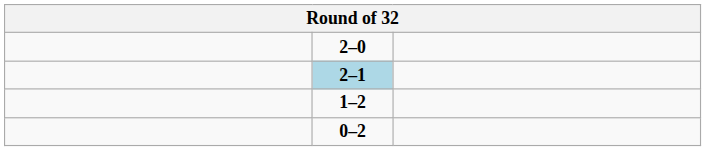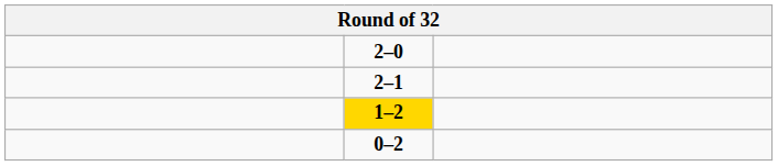 <table class="wikitable" style="text-align: center;">
 <tr>
 <th colspan=3>Round of 32</th>
 </tr>
 <tr>
 <td align=left width="270"><strong></strong></td>
 <td align=center width="65"><strong>2–0</strong></td>
 <td align=left width="270"></td>
 </tr>
 <tr>
 <td align=left><strong></strong></td>
-<td align=center style="background: lightblue;"><strong>2–1</strong></td>
+<td align=center><strong>2–1</strong></td>
 <td align=left></td>
 </tr>
 <tr>
 <td align=left></td>
-<td align=center><strong>1–2</strong></td>
+<td align=center style="background: gold;"><strong>1–2</strong></td>
 <td align=left><strong></strong></td>
 </tr>
 <tr>
 <td align=left></td>
 <td align=center><strong>0–2</strong></td>
 <td align=left><strong></strong></td>
 </tr>
 </table>
